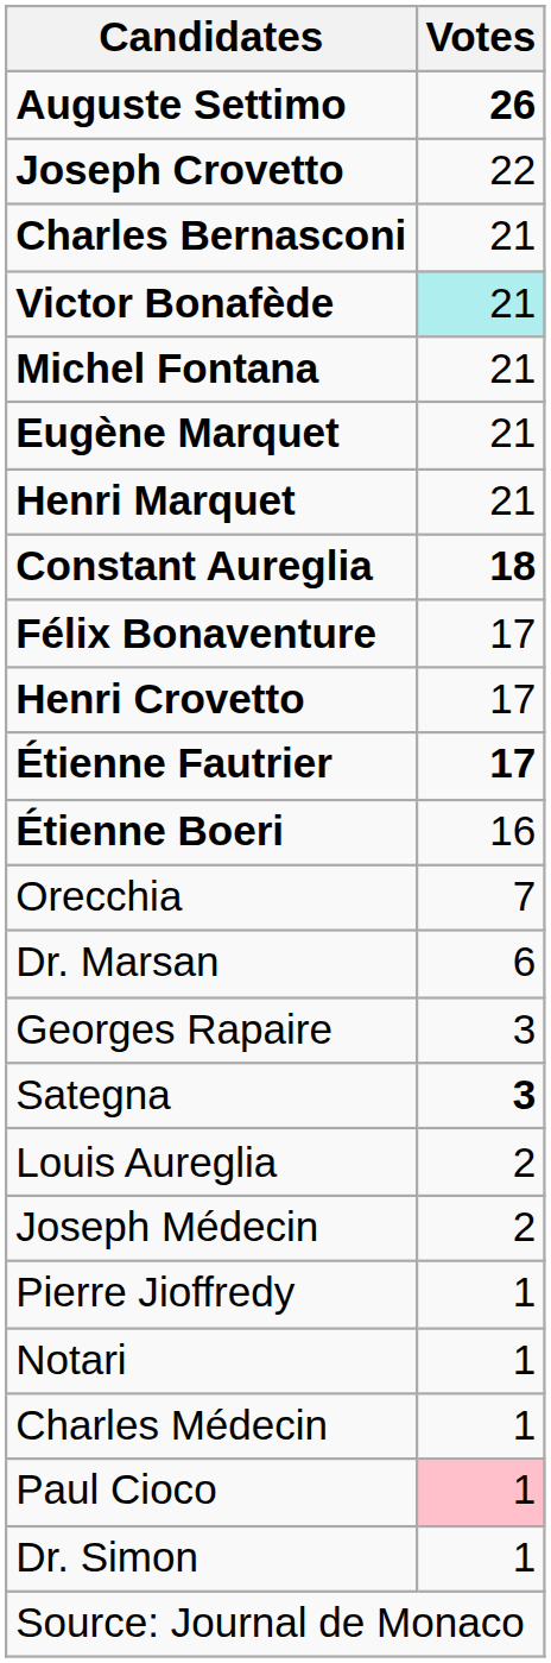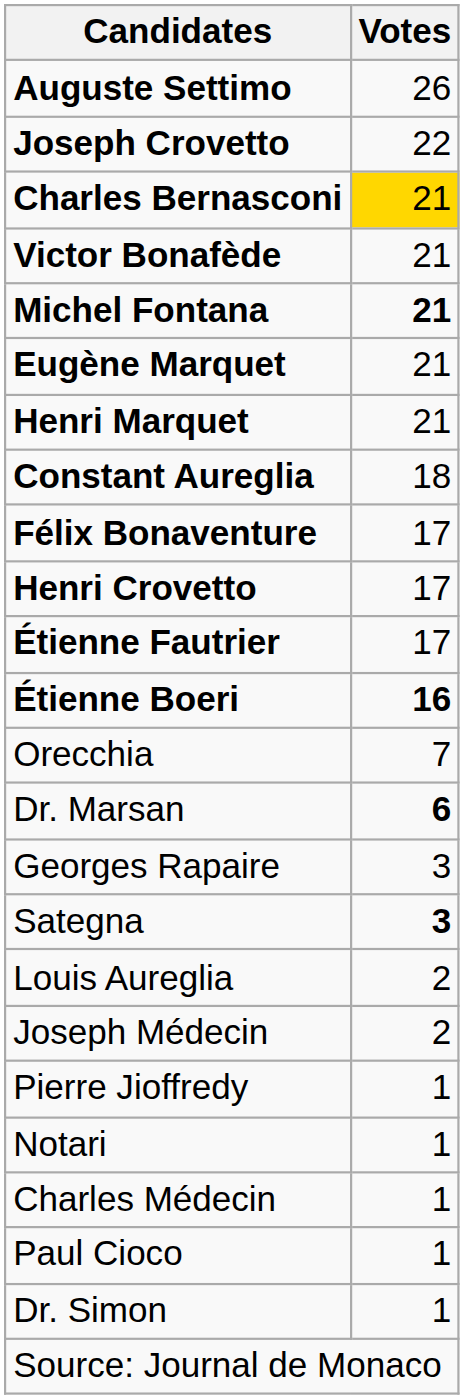 <table class="wikitable" style="text-align:right">
 <tr>
 <th>Candidates</th>
 <th>Votes</th>
 </tr>
 <tr>
 <td align=left><strong>Auguste Settimo</strong></td>
-<td><strong>26</strong></td>
+<td>26</td>
 </tr>
 <tr>
 <td align=left><strong>Joseph Crovetto</strong></td>
 <td>22</td>
 </tr>
 <tr>
 <td align=left><strong>Charles Bernasconi</strong></td>
+<td style="background: gold;">21</td>
+</tr>
+<tr>
+<td align=left><strong>Victor Bonafède</strong></td>
 <td>21</td>
 </tr>
 <tr>
-<td align=left><strong>Victor Bonafède</strong></td>
-<td style="background: paleturquoise;">21</td>
-</tr>
-<tr>
 <td align=left><strong>Michel Fontana</strong></td>
-<td>21</td>
+<td><strong>21</strong></td>
 </tr>
 <tr>
 <td align=left><strong>Eugène Marquet</strong></td>
 <td>21</td>
 </tr>
 <tr>
 <td align=left><strong>Henri Marquet</strong></td>
 <td>21</td>
 </tr>
 <tr>
 <td align=left><strong>Constant Aureglia</strong></td>
-<td><strong>18</strong></td>
+<td>18</td>
 </tr>
 <tr>
 <td align=left><strong>Félix Bonaventure</strong></td>
 <td>17</td>
 </tr>
 <tr>
 <td align=left><strong>Henri Crovetto</strong></td>
 <td>17</td>
 </tr>
 <tr>
 <td align=left><strong>Étienne Fautrier</strong></td>
-<td><strong>17</strong></td>
+<td>17</td>
 </tr>
 <tr>
 <td align=left><strong>Étienne Boeri</strong></td>
-<td>16</td>
+<td><strong>16</strong></td>
 </tr>
 <tr>
 <td align=left>Orecchia</td>
 <td>7</td>
 </tr>
 <tr>
 <td align=left>Dr. Marsan</td>
-<td>6</td>
+<td><strong>6</strong></td>
 </tr>
 <tr>
 <td align=left>Georges Rapaire</td>
 <td>3</td>
 </tr>
 <tr>
 <td align=left>Sategna</td>
 <td><strong>3</strong></td>
 </tr>
 <tr>
 <td align=left>Louis Aureglia</td>
 <td>2</td>
 </tr>
 <tr>
 <td align=left>Joseph Médecin</td>
 <td>2</td>
 </tr>
 <tr>
 <td align=left>Pierre Jioffredy</td>
 <td>1</td>
 </tr>
 <tr>
 <td align=left>Notari</td>
 <td>1</td>
 </tr>
 <tr>
 <td align=left>Charles Médecin</td>
 <td>1</td>
 </tr>
 <tr>
 <td align=left>Paul Cioco</td>
-<td style="background: pink;">1</td>
+<td>1</td>
 </tr>
 <tr>
 <td align=left>Dr. Simon</td>
 <td>1</td>
 </tr>
 <tr>
 <td colspan=4 align=left>Source: Journal de Monaco</td>
 </tr>
 </table>
